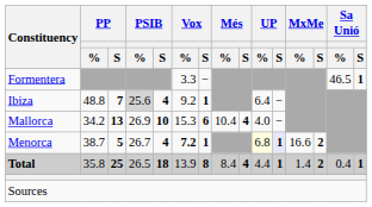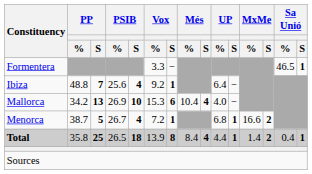 <table class="wikitable sortable" style="text-align:right; line-height:20px;">
 <tr>
 <th rowspan="3">Constituency</th>
 <th colspan="2" width="30px" class="unsortable"><a href='#'>PP</a></th>
 <th colspan="2" width="30px" class="unsortable"><a href='#'>PSIB</a></th>
 <th colspan="2" width="30px" class="unsortable"><a href='#'>Vox</a></th>
 <th colspan="2" width="30px" class="unsortable"><a href='#'>Més</a></th>
 <th colspan="2" width="30px" class="unsortable"><a href='#'>UP</a></th>
 <th colspan="2" width="30px" class="unsortable"><a href='#'>MxMe</a></th>
 <th colspan="2" width="30px" class="unsortable"><a href='#'>Sa Unió</a></th>
 </tr>
 <tr>
 <th colspan="2" style="background:"></th>
 <th colspan="2" style="background:"></th>
 <th colspan="2" style="background:"></th>
 <th colspan="2" style="background:"></th>
 <th colspan="2" style="background:"></th>
 <th colspan="2" style="background:"></th>
 <th colspan="2" style="background:"></th>
 </tr>
 <tr>
 <th data-sort-type="number">%</th>
 <th data-sort-type="number">S</th>
 <th data-sort-type="number">%</th>
 <th data-sort-type="number">S</th>
 <th data-sort-type="number">%</th>
 <th data-sort-type="number">S</th>
 <th data-sort-type="number">%</th>
 <th data-sort-type="number">S</th>
 <th data-sort-type="number">%</th>
 <th data-sort-type="number">S</th>
 <th data-sort-type="number">%</th>
 <th data-sort-type="number">S</th>
 <th data-sort-type="number">%</th>
 <th data-sort-type="number">S</th>
 </tr>
 <tr>
 <td align="left"><a href='#'>Formentera</a></td>
 <td colspan="2" bgcolor="#AAAAAA"></td>
 <td colspan="2" bgcolor="#AAAAAA"></td>
 <td>3.3</td>
 <td>−</td>
 <td colspan="2" rowspan="2" bgcolor="#AAAAAA"></td>
 <td colspan="2" bgcolor="#AAAAAA"></td>
 <td colspan="2" rowspan="3" bgcolor="#AAAAAA"></td>
 <td style="background:">46.5</td>
 <td><strong>1</strong></td>
 </tr>
 <tr>
 <td align="left"><a href='#'>Ibiza</a></td>
 <td style="background:">48.8</td>
 <td><strong>7</strong></td>
-<td style="background: lightgrey;">25.6</td>
+<td>25.6</td>
 <td><strong>4</strong></td>
 <td>9.2</td>
 <td><strong>1</strong></td>
 <td>6.4</td>
 <td>−</td>
 <td colspan="2" rowspan="3" bgcolor="#AAAAAA"></td>
 </tr>
 <tr>
 <td align="left"><a href='#'>Mallorca</a></td>
 <td style="background:">34.2</td>
 <td><strong>13</strong></td>
 <td>26.9</td>
 <td><strong>10</strong></td>
 <td>15.3</td>
 <td><strong>6</strong></td>
 <td>10.4</td>
 <td><strong>4</strong></td>
 <td>4.0</td>
 <td>−</td>
 </tr>
 <tr>
 <td align="left"><a href='#'>Menorca</a></td>
 <td style="background:">38.7</td>
 <td><strong>5</strong></td>
 <td>26.7</td>
 <td><strong>4</strong></td>
-<td><strong>7.2</strong></td>
+<td>7.2</td>
 <td><strong>1</strong></td>
 <td colspan="2" bgcolor="#AAAAAA"></td>
-<td style="background: lightyellow;">6.8</td>
-<td style="background: lavender;"><strong>1</strong></td>
+<td>6.8</td>
+<td><strong>1</strong></td>
 <td>16.6</td>
 <td><strong>2</strong></td>
 </tr>
 <tr style="background:#CDCDCD;">
 <td align="left"><strong>Total</strong></td>
 <td style="background:">35.8</td>
 <td><strong>25</strong></td>
 <td>26.5</td>
 <td><strong>18</strong></td>
 <td>13.9</td>
 <td><strong>8</strong></td>
 <td>8.4</td>
 <td><strong>4</strong></td>
 <td>4.4</td>
 <td><strong>1</strong></td>
 <td>1.4</td>
 <td><strong>2</strong></td>
 <td>0.4</td>
 <td><strong>1</strong></td>
 </tr>
 <tr>
 <th colspan="19"></th>
 </tr>
 <tr>
 <th style="text-align:left; font-weight:normal; background:#F9F9F9" colspan="15">Sources</th>
 </tr>
 </table>
